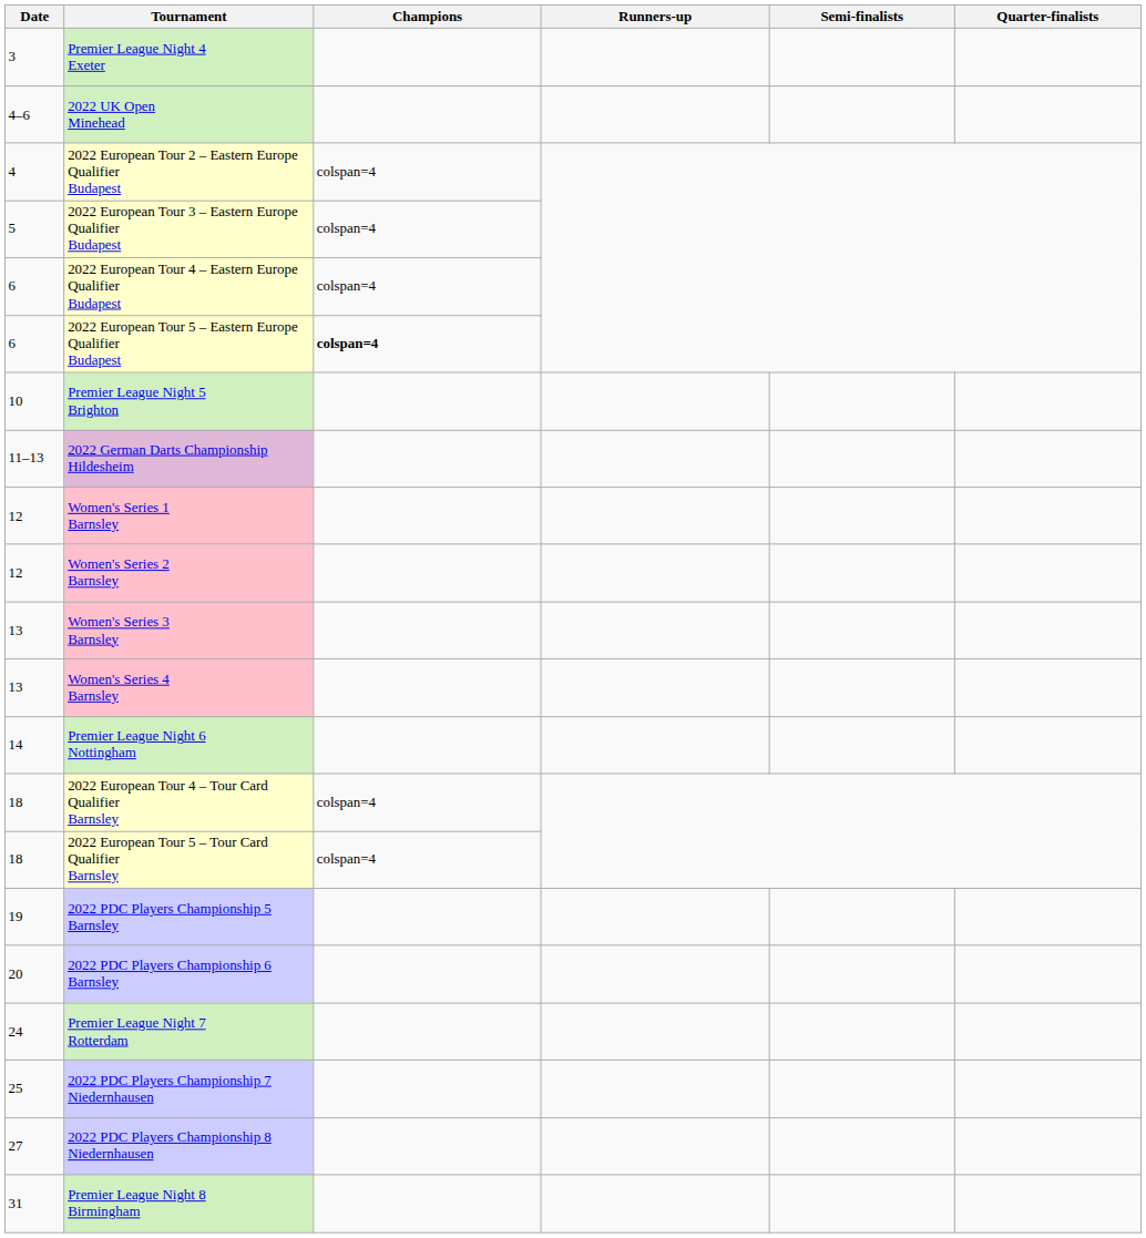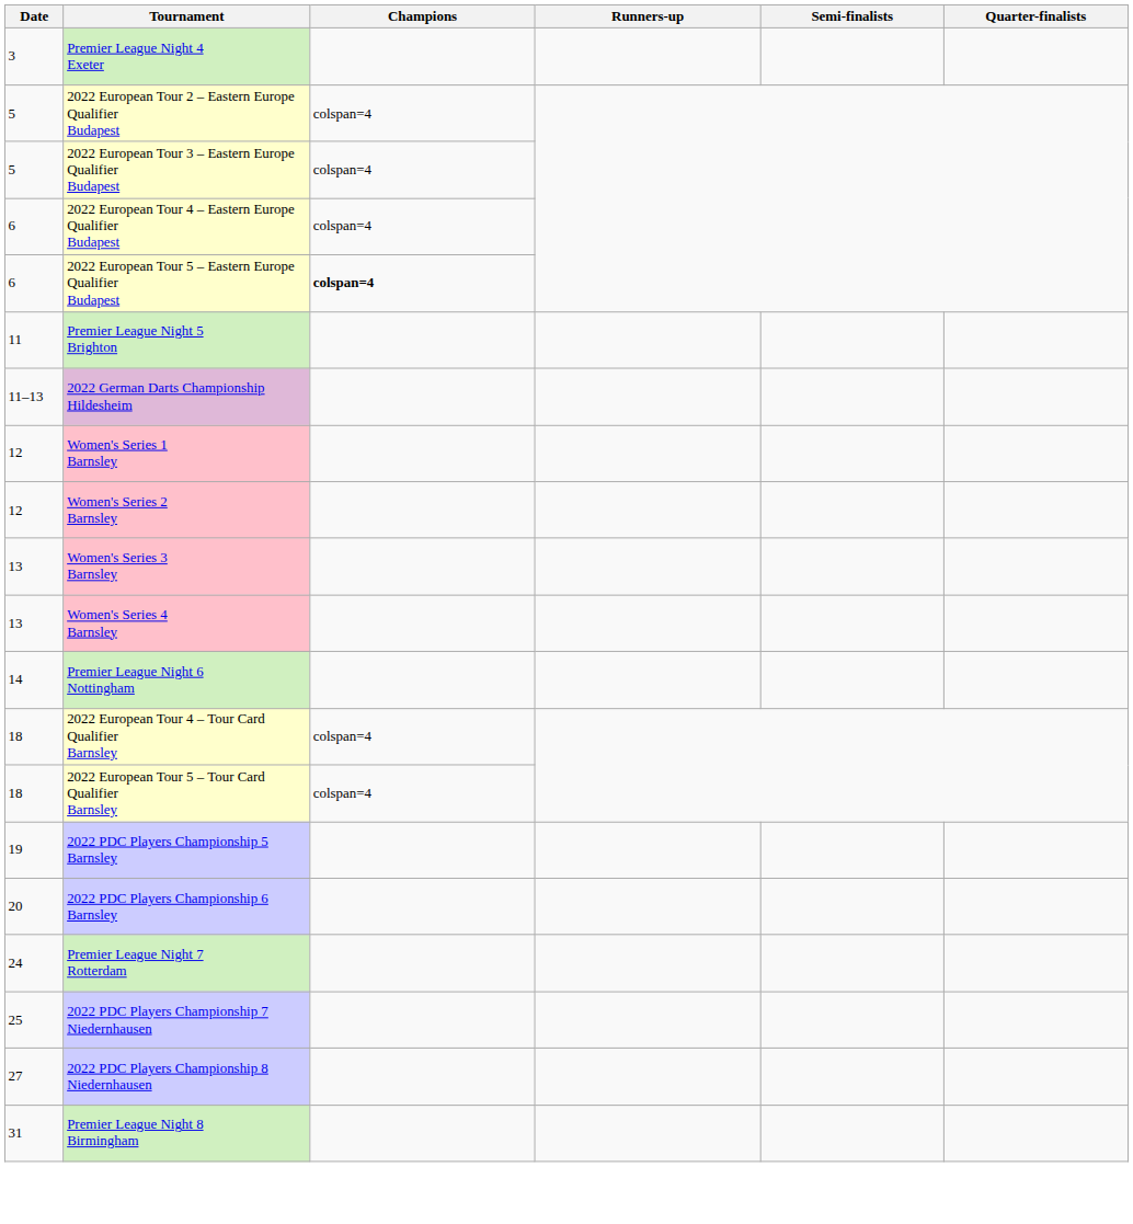 <table class=wikitable style=font-size:85%>
 <tr>
 <th width=50>Date</th>
 <th width=230>Tournament</th>
 <th width=210>Champions</th>
 <th width=210>Runners-up</th>
 <th width=170>Semi-finalists</th>
 <th width=170>Quarter-finalists</th>
 </tr>
 <tr>
 <td>3</td>
 <td bgcolor="d0f0c0"><a href='#'>Premier League Night 4</a> <br>  <a href='#'>Exeter</a></td>
 <td></td>
 <td></td>
 <td> <br> </td>
 <td> <br>  <br>  <br> </td>
 </tr>
 <tr>
-<td>4–6</td>
-<td bgcolor="#d0f0c0"><a href='#'>2022 UK Open</a> <br>  <a href='#'>Minehead</a></td>
-<td></td>
-<td></td>
-<td> <br> </td>
-<td> <br>  <br>  <br> </td>
-</tr>
-<tr>
-<td>4</td>
+<td>5</td>
 <td bgcolor="ffffcc">2022 European Tour 2 – Eastern Europe Qualifier <br> <a href='#'>Budapest</a></td>
 <td>colspan=4 </td>
 </tr>
 <tr>
 <td>5</td>
 <td bgcolor="ffffcc">2022 European Tour 3 – Eastern Europe Qualifier <br> <a href='#'>Budapest</a></td>
 <td>colspan=4 </td>
 </tr>
 <tr>
 <td>6</td>
 <td bgcolor="ffffcc">2022 European Tour 4 – Eastern Europe Qualifier <br> <a href='#'>Budapest</a></td>
 <td>colspan=4 </td>
 </tr>
 <tr>
 <td>6</td>
 <td bgcolor="ffffcc">2022 European Tour 5 – Eastern Europe Qualifier <br> <a href='#'>Budapest</a></td>
 <td><strong>colspan=4 </strong></td>
 </tr>
 <tr>
-<td>10</td>
+<td>11</td>
 <td bgcolor="d0f0c0"><a href='#'>Premier League Night 5</a> <br> <a href='#'>Brighton</a></td>
 <td></td>
 <td></td>
 <td> <br> </td>
 <td> <br>  <br>  <br> </td>
 </tr>
 <tr>
 <td>11–13</td>
 <td bgcolor="#dfb8d8"><a href='#'>2022 German Darts Championship</a> <br>  <a href='#'>Hildesheim</a></td>
 <td></td>
 <td></td>
 <td> <br> </td>
 <td> <br>  <br>  <br> </td>
 </tr>
 <tr>
 <td>12</td>
 <td bgcolor="#ffc0cb"><a href='#'>Women's Series 1</a> <br>  <a href='#'>Barnsley</a></td>
 <td></td>
 <td></td>
 <td> <br> </td>
 <td> <br>  <br>  <br> </td>
 </tr>
 <tr>
 <td>12</td>
 <td bgcolor="#ffc0cb"><a href='#'>Women's Series 2</a> <br>  <a href='#'>Barnsley</a></td>
 <td></td>
 <td></td>
 <td> <br> </td>
 <td> <br>  <br>  <br> </td>
 </tr>
 <tr>
 <td>13</td>
 <td bgcolor="#ffc0cb"><a href='#'>Women's Series 3</a> <br>  <a href='#'>Barnsley</a></td>
 <td></td>
 <td></td>
 <td> <br> </td>
 <td> <br>  <br>  <br> </td>
 </tr>
 <tr>
 <td>13</td>
 <td bgcolor="#ffc0cb"><a href='#'>Women's Series 4</a> <br>  <a href='#'>Barnsley</a></td>
 <td></td>
 <td></td>
 <td> <br> </td>
 <td> <br>  <br>  <br> </td>
 </tr>
 <tr>
 <td>14</td>
 <td bgcolor="d0f0c0"><a href='#'>Premier League Night 6</a> <br> <a href='#'>Nottingham</a></td>
 <td></td>
 <td></td>
 <td> <br> </td>
 <td> <br>  <br>  <br> </td>
 </tr>
 <tr>
 <td>18</td>
 <td bgcolor="ffffcc">2022 European Tour 4 – Tour Card Qualifier <br> <a href='#'>Barnsley</a></td>
 <td>colspan=4 </td>
 </tr>
 <tr>
 <td>18</td>
 <td bgcolor="ffffcc">2022 European Tour 5 – Tour Card Qualifier <br> <a href='#'>Barnsley</a></td>
 <td>colspan=4 </td>
 </tr>
 <tr>
 <td>19</td>
 <td bgcolor="#ccccff"><a href='#'>2022 PDC Players Championship 5</a> <br>  <a href='#'>Barnsley</a></td>
 <td></td>
 <td></td>
 <td> <br> </td>
 <td> <br>  <br>  <br> </td>
 </tr>
 <tr>
 <td>20</td>
 <td bgcolor="#ccccff"><a href='#'>2022 PDC Players Championship 6</a> <br>  <a href='#'>Barnsley</a></td>
 <td></td>
 <td></td>
 <td> <br> </td>
 <td> <br>  <br>  <br> </td>
 </tr>
 <tr>
 <td>24</td>
 <td bgcolor="d0f0c0"><a href='#'>Premier League Night 7</a> <br> <a href='#'>Rotterdam</a></td>
 <td></td>
 <td></td>
 <td> <br> </td>
 <td> <br>  <br>  <br> </td>
 </tr>
 <tr>
 <td>25</td>
 <td bgcolor="#ccccff"><a href='#'>2022 PDC Players Championship 7</a> <br>  <a href='#'>Niedernhausen</a></td>
 <td></td>
 <td></td>
 <td> <br> </td>
 <td> <br>  <br>  <br> </td>
 </tr>
 <tr>
 <td>27</td>
 <td bgcolor="#ccccff"><a href='#'>2022 PDC Players Championship 8</a> <br>  <a href='#'>Niedernhausen</a></td>
 <td></td>
 <td></td>
 <td> <br> </td>
 <td> <br>  <br>  <br> </td>
 </tr>
 <tr>
 <td>31</td>
 <td bgcolor="d0f0c0"><a href='#'>Premier League Night 8</a> <br> <a href='#'>Birmingham</a></td>
 <td></td>
 <td></td>
 <td> <br> </td>
 <td> <br>  <br>  <br> </td>
 </tr>
 </table>
